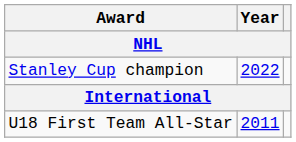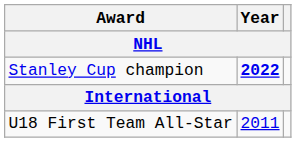 <table class="wikitable">
 <tr>
 <th>Award</th>
 <th>Year</th>
 <th></th>
 </tr>
 <tr>
 <th colspan="3"><a href='#'>NHL</a></th>
 </tr>
 <tr>
 <td><a href='#'>Stanley Cup</a> champion</td>
-<td><a href='#'>2022</a></td>
+<td><strong><a href='#'>2022</a></strong></td>
 <td></td>
 </tr>
 <tr>
 <th colspan="3"><a href='#'>International</a></th>
 </tr>
 <tr>
 <td>U18 First Team All-Star</td>
 <td><a href='#'>2011</a></td>
 <td></td>
 </tr>
 </table>
